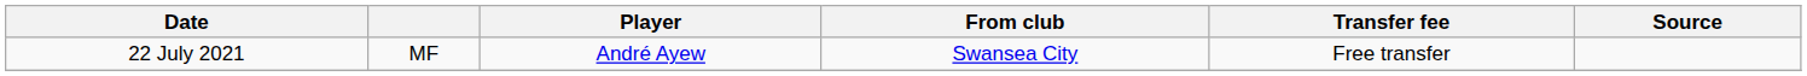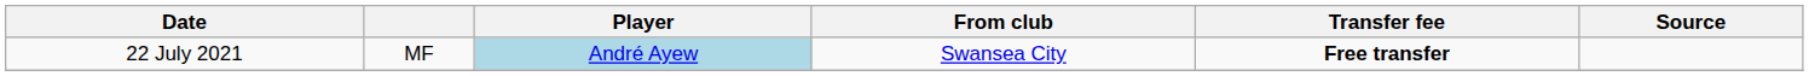 <table class="wikitable sortable" style="width:60%; text-align:center; font-size:85%; text-align:centre;">
 <tr>
 <th>Date</th>
 <th></th>
 <th>Player</th>
 <th>From club</th>
 <th>Transfer fee</th>
 <th>Source</th>
 </tr>
 <tr>
 <td>22 July 2021</td>
 <td>MF</td>
-<td> <a href='#'>André Ayew</a></td>
+<td style="background: lightblue;"> <a href='#'>André Ayew</a></td>
 <td> <a href='#'>Swansea City</a></td>
-<td>Free transfer</td>
+<td><strong>Free transfer</strong></td>
 <td></td>
 </tr>
 <tr>
 </tr>
 </table>
